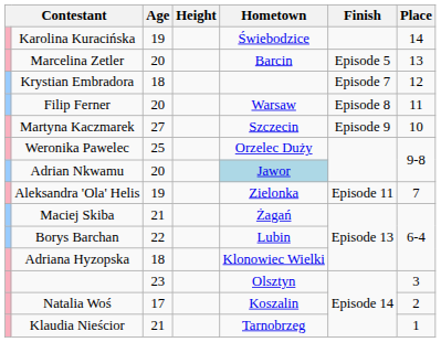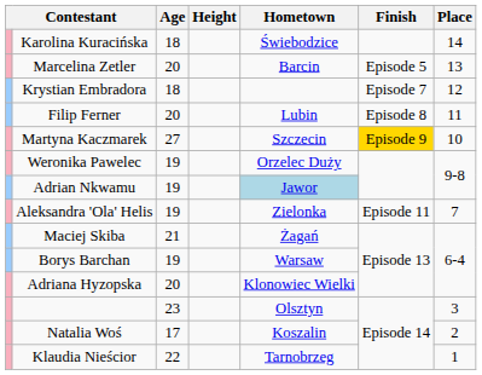 <table class="wikitable sortable" style="text-align:center;">
 <tr>
 <th colspan="2">Contestant</th>
 <th>Age</th>
 <th>Height</th>
 <th>Hometown</th>
 <th>Finish</th>
 <th>Place</th>
 </tr>
 <tr>
 <td style="background:#faafbe"></td>
 <td>Karolina Kuracińska</td>
-<td>19</td>
+<td>18</td>
 <td></td>
 <td><a href='#'>Świebodzice</a></td>
 <td></td>
 <td>14</td>
 </tr>
 <tr>
 <td style="background:#faafbe"></td>
 <td>Marcelina Zetler</td>
 <td>20</td>
 <td></td>
 <td><a href='#'>Barcin</a></td>
 <td>Episode 5</td>
 <td>13</td>
 </tr>
 <tr>
 <td style="background:#9cf;"></td>
 <td>Krystian Embradora</td>
 <td>18</td>
 <td></td>
 <td></td>
 <td>Episode 7</td>
 <td>12</td>
 </tr>
 <tr>
 <td style="background:#9cf;"></td>
 <td>Filip Ferner</td>
 <td>20</td>
 <td></td>
-<td><a href='#'>Warsaw</a></td>
+<td><a href='#'>Lubin</a></td>
 <td>Episode 8</td>
 <td>11</td>
 </tr>
 <tr>
 <td style="background:#faafbe"></td>
 <td>Martyna Kaczmarek</td>
 <td>27</td>
 <td></td>
 <td><a href='#'>Szczecin</a></td>
-<td>Episode 9</td>
+<td style="background: gold;">Episode 9</td>
 <td>10</td>
 </tr>
 <tr>
 <td style="background:#faafbe"></td>
 <td>Weronika Pawelec</td>
-<td>25</td>
+<td>19</td>
 <td></td>
 <td><a href='#'>Orzelec Duży</a></td>
 <td rowspan="2"></td>
 <td rowspan="2">9-8</td>
 </tr>
 <tr>
 <td style="background:#9cf;"></td>
 <td>Adrian Nkwamu</td>
-<td>20</td>
+<td>19</td>
 <td></td>
 <td style="background: lightblue;"><a href='#'>Jawor</a></td>
 </tr>
 <tr>
 <td style="background:#faafbe"></td>
 <td>Aleksandra 'Ola' Helis</td>
 <td>19</td>
 <td></td>
 <td><a href='#'>Zielonka</a></td>
 <td>Episode 11</td>
 <td>7</td>
 </tr>
 <tr>
 <td style="background:#9cf;"></td>
 <td>Maciej Skiba</td>
 <td>21</td>
 <td></td>
 <td><a href='#'>Żagań</a></td>
 <td rowspan="3">Episode 13</td>
 <td rowspan="3">6-4</td>
 </tr>
 <tr>
 <td style="background:#9cf;"></td>
 <td>Borys Barchan</td>
-<td>22</td>
+<td>19</td>
 <td></td>
-<td><a href='#'>Lubin</a></td>
+<td><a href='#'>Warsaw</a></td>
 </tr>
 <tr>
 <td style="background:#faafbe"></td>
 <td>Adriana Hyzopska</td>
-<td>18</td>
+<td>20</td>
 <td></td>
 <td><a href='#'>Klonowiec Wielki</a></td>
 </tr>
 <tr>
 <td style="background:#faafbe"></td>
 <td></td>
 <td>23</td>
 <td></td>
 <td><a href='#'>Olsztyn</a></td>
 <td rowspan="3">Episode 14</td>
 <td>3</td>
 </tr>
 <tr>
 <td style="background:#faafbe"></td>
 <td>Natalia Woś</td>
 <td>17</td>
 <td></td>
 <td><a href='#'>Koszalin</a></td>
 <td>2</td>
 </tr>
 <tr>
 <td style="background:#faafbe"></td>
 <td>Klaudia Nieścior</td>
-<td>21</td>
+<td>22</td>
 <td></td>
 <td><a href='#'>Tarnobrzeg</a></td>
 <td>1</td>
 </tr>
 </table>
